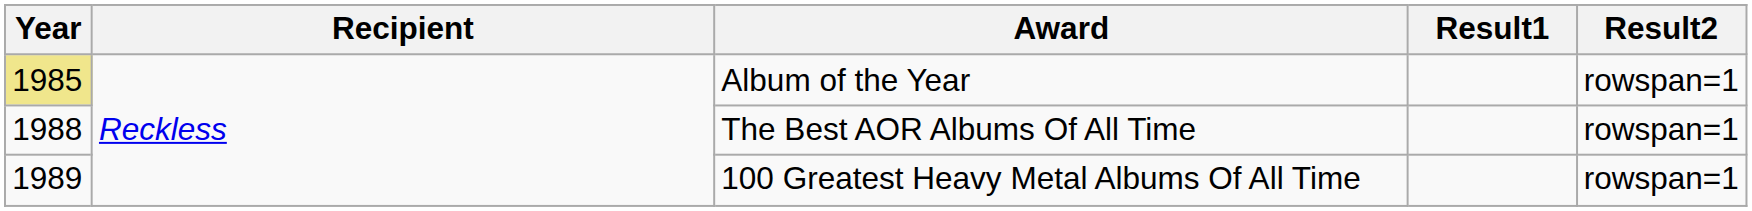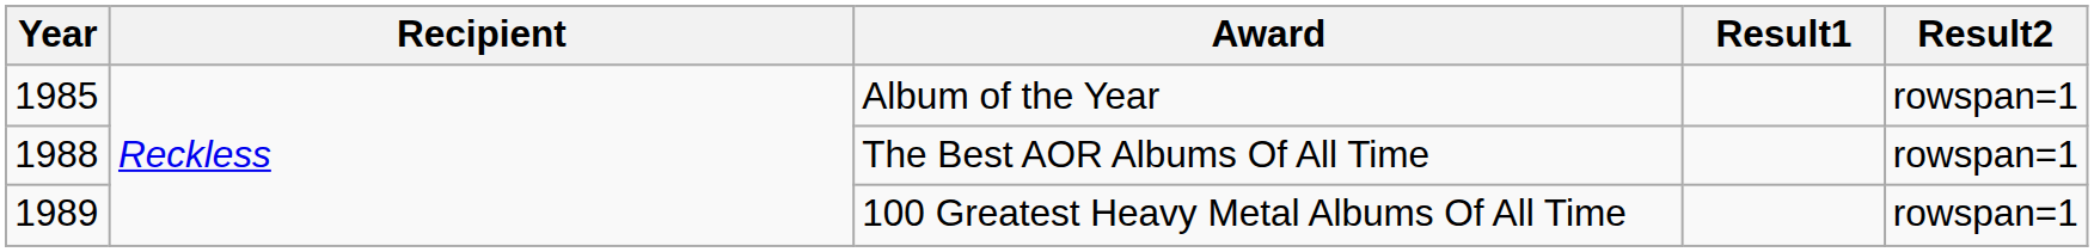 <table class="wikitable" style="width:70%;">
 <tr>
 <th width=5%>Year</th>
 <th style="width:40%;">Recipient</th>
 <th style="width:45%;">Award</th>
 <th style="width:10%;">Result1</th>
 <th style="width:10%;">Result2</th>
 </tr>
 <tr>
-<td style="background: khaki;">1985</td>
+<td>1985</td>
 <td rowspan="3"><em><a href='#'>Reckless</a></em></td>
 <td>Album of the Year</td>
 <td></td>
 <td>rowspan=1 </td>
 </tr>
 <tr>
 <td>1988</td>
 <td>The Best AOR Albums Of All Time</td>
 <td></td>
 <td>rowspan=1 </td>
 </tr>
 <tr>
 <td>1989</td>
 <td>100 Greatest Heavy Metal Albums Of All Time</td>
 <td></td>
 <td>rowspan=1 </td>
 </tr>
 </table>
